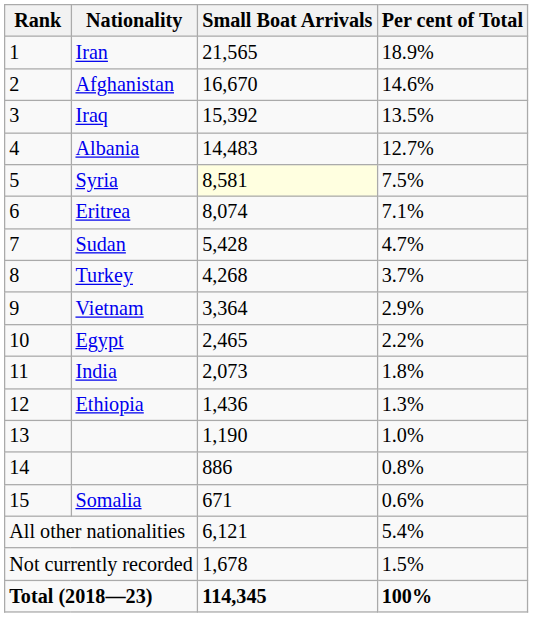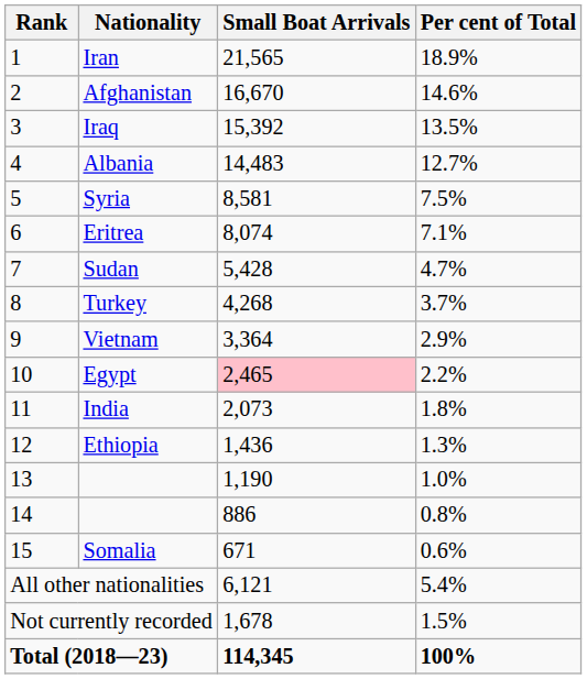 <table class="wikitable sortable">
 <tr>
 <th>Rank</th>
 <th>Nationality</th>
 <th>Small Boat Arrivals</th>
 <th>Per cent of Total</th>
 </tr>
 <tr>
 <td>1</td>
 <td> <a href='#'>Iran</a></td>
 <td>21,565</td>
 <td>18.9%</td>
 </tr>
 <tr>
 <td>2</td>
 <td> <a href='#'>Afghanistan</a></td>
 <td>16,670</td>
 <td>14.6%</td>
 </tr>
 <tr>
 <td>3</td>
 <td> <a href='#'>Iraq</a></td>
 <td>15,392</td>
 <td>13.5%</td>
 </tr>
 <tr>
 <td>4</td>
 <td> <a href='#'>Albania</a></td>
 <td>14,483</td>
 <td>12.7%</td>
 </tr>
 <tr>
 <td>5</td>
 <td> <a href='#'>Syria</a></td>
-<td style="background: lightyellow;">8,581</td>
+<td>8,581</td>
 <td>7.5%</td>
 </tr>
 <tr>
 <td>6</td>
 <td> <a href='#'>Eritrea</a></td>
 <td>8,074</td>
 <td>7.1%</td>
 </tr>
 <tr>
 <td>7</td>
 <td> <a href='#'>Sudan</a></td>
 <td>5,428</td>
 <td>4.7%</td>
 </tr>
 <tr>
 <td>8</td>
 <td> <a href='#'>Turkey</a></td>
 <td>4,268</td>
 <td>3.7%</td>
 </tr>
 <tr>
 <td>9</td>
 <td> <a href='#'>Vietnam</a></td>
 <td>3,364</td>
 <td>2.9%</td>
 </tr>
 <tr>
 <td>10</td>
 <td> <a href='#'>Egypt</a></td>
-<td>2,465</td>
+<td style="background: pink;">2,465</td>
 <td>2.2%</td>
 </tr>
 <tr>
 <td>11</td>
 <td> <a href='#'>India</a></td>
 <td>2,073</td>
 <td>1.8%</td>
 </tr>
 <tr>
 <td>12</td>
 <td> <a href='#'>Ethiopia</a></td>
 <td>1,436</td>
 <td>1.3%</td>
 </tr>
 <tr>
 <td>13</td>
 <td></td>
 <td>1,190</td>
 <td>1.0%</td>
 </tr>
 <tr>
 <td>14</td>
 <td></td>
 <td>886</td>
 <td>0.8%</td>
 </tr>
 <tr>
 <td>15</td>
 <td> <a href='#'>Somalia</a></td>
 <td>671</td>
 <td>0.6%</td>
 </tr>
 <tr>
 <td colspan="2">All other nationalities</td>
 <td>6,121</td>
 <td>5.4%</td>
 </tr>
 <tr>
 <td colspan="2">Not currently recorded</td>
 <td>1,678</td>
 <td>1.5%</td>
 </tr>
 <tr>
 <td colspan="2"><strong>Total (2018—23)</strong></td>
 <td><strong>114,345</strong></td>
 <td><strong>100%</strong></td>
 </tr>
 </table>
